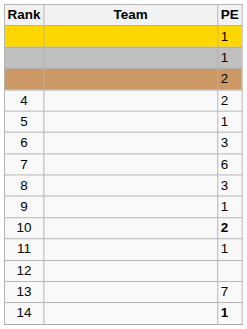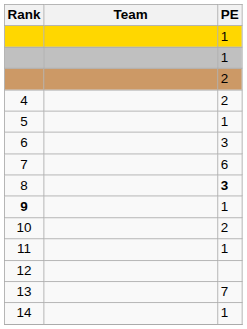 <table class="wikitable">
 <tr>
 <th>Rank</th>
 <th width=200>Team</th>
 <th width=20>PE</th>
 </tr>
 <tr bgcolor=gold>
 <td align=center></td>
 <td></td>
 <td>1</td>
 </tr>
 <tr bgcolor=silver>
 <td align=center></td>
 <td></td>
 <td>1</td>
 </tr>
 <tr bgcolor=cc9966>
 <td align=center></td>
 <td></td>
 <td>2</td>
 </tr>
 <tr>
 <td align=center>4</td>
 <td></td>
 <td>2</td>
 </tr>
 <tr>
 <td align=center>5</td>
 <td></td>
 <td>1</td>
 </tr>
 <tr>
 <td align=center>6</td>
 <td></td>
 <td>3</td>
 </tr>
 <tr>
 <td align=center>7</td>
 <td></td>
 <td>6</td>
 </tr>
 <tr>
 <td align=center>8</td>
 <td></td>
-<td>3</td>
+<td><strong>3</strong></td>
 </tr>
 <tr>
-<td align=center>9</td>
+<td align=center><strong>9</strong></td>
 <td></td>
 <td>1</td>
 </tr>
 <tr>
 <td align=center>10</td>
 <td></td>
-<td><strong>2</strong></td>
+<td>2</td>
 </tr>
 <tr>
 <td align=center>11</td>
 <td></td>
 <td>1</td>
 </tr>
 <tr>
 <td align=center>12</td>
 <td></td>
 <td></td>
 </tr>
 <tr>
 <td align=center>13</td>
 <td></td>
 <td>7</td>
 </tr>
 <tr>
 <td align=center>14</td>
 <td></td>
-<td><strong>1</strong></td>
+<td>1</td>
 </tr>
 <tr>
 </tr>
 </table>
